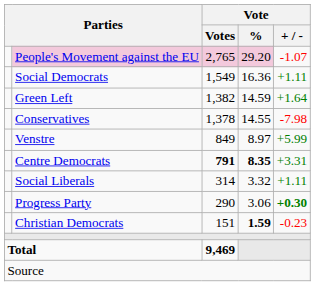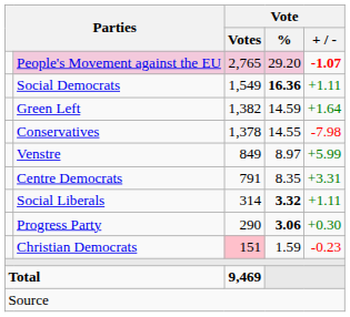 <table class="wikitable" style="text-align:right;">
 <tr>
 <th style="text-align:centre;" rowspan="2" colspan="2" width="225">Parties</th>
 <th colspan="3">Vote</th>
 </tr>
 <tr>
 <th width="15">Votes</th>
 <th width="15">%</th>
 <th width="15">+ / -</th>
 </tr>
 <tr>
 <td width="2" style="color:inherit;background:"></td>
 <td bgcolor=#f3c9dc   align="left"><a href='#'>People's Movement against the EU</a></td>
 <td bgcolor=#f3c9dc>2,765</td>
 <td bgcolor=#f3c9dc>29.20</td>
-<td style=color:red;>-1.07</td>
+<td style=color:red;><strong>-1.07</strong></td>
 </tr>
 <tr>
 <td width="2" style="color:inherit;background:"></td>
 <td align="left"><a href='#'>Social Democrats</a></td>
 <td>1,549</td>
-<td>16.36</td>
+<td><strong>16.36</strong></td>
 <td style=color:green;>+1.11</td>
 </tr>
 <tr>
 <td width="2" style="color:inherit;background:"></td>
 <td align="left"><a href='#'>Green Left</a></td>
 <td>1,382</td>
 <td>14.59</td>
 <td style=color:green;>+1.64</td>
 </tr>
 <tr>
 <td width="2" style="color:inherit;background:"></td>
 <td align="left"><a href='#'>Conservatives</a></td>
 <td>1,378</td>
 <td>14.55</td>
 <td style=color:red;>-7.98</td>
 </tr>
 <tr>
 <td width="2" style="color:inherit;background:"></td>
 <td align="left"><a href='#'>Venstre</a></td>
 <td>849</td>
 <td>8.97</td>
 <td style=color:green;>+5.99</td>
 </tr>
 <tr>
 <td width="2" style="color:inherit;background:"></td>
 <td align="left"><a href='#'>Centre Democrats</a></td>
-<td><strong>791</strong></td>
-<td><strong>8.35</strong></td>
+<td>791</td>
+<td>8.35</td>
 <td style=color:green;>+3.31</td>
 </tr>
 <tr>
 <td width="2" style="color:inherit;background:"></td>
 <td align="left"><a href='#'>Social Liberals</a></td>
 <td>314</td>
-<td>3.32</td>
+<td><strong>3.32</strong></td>
 <td style=color:green;>+1.11</td>
 </tr>
 <tr>
 <td width="2" style="color:inherit;background:"></td>
 <td align="left"><a href='#'>Progress Party</a></td>
 <td>290</td>
-<td>3.06</td>
-<td style=color:green;><strong>+0.30</strong></td>
+<td><strong>3.06</strong></td>
+<td style=color:green;>+0.30</td>
 </tr>
 <tr>
 <td width="2" style="color:inherit;background:"></td>
 <td align="left"><a href='#'>Christian Democrats</a></td>
-<td>151</td>
-<td><strong>1.59</strong></td>
+<td style="background: pink;">151</td>
+<td>1.59</td>
 <td style=color:red;>-0.23</td>
 </tr>
 <tr>
 <td colspan="7" bgcolor="#E9E9E9"></td>
 </tr>
 <tr>
 <td align="left" colspan="2"><strong>Total</strong></td>
 <td><strong>9,469</strong></td>
 <td bgcolor="#E9E9E9" colspan="2"></td>
 </tr>
 <tr>
 <td align="left" colspan="6">Source</td>
 </tr>
 </table>
